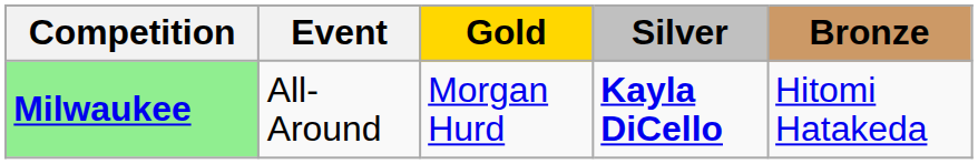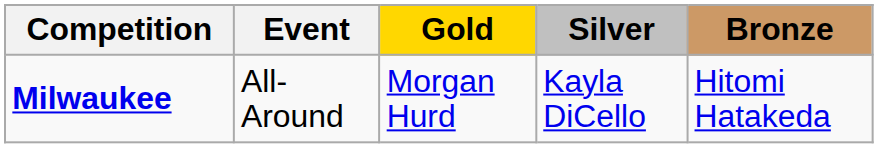 <table class="wikitable" style="width:70%;">
 <tr>
 <th style="text-align:center; width:5%;">Competition</th>
 <th style="text-align:center; width:5%;">Event</th>
 <td style="text-align:center; width:6%; background:gold;"><strong>Gold</strong></td>
 <td style="text-align:center; width:6%; background:silver;"><strong>Silver</strong></td>
 <td style="text-align:center; width:6%; background:#c96;"><strong>Bronze</strong></td>
 </tr>
 <tr>
-<td style="background: lightgreen;"><strong><a href='#'>Milwaukee</a></strong></td>
+<td><strong><a href='#'>Milwaukee</a></strong></td>
 <td>All-Around</td>
 <td> <a href='#'>Morgan Hurd</a></td>
-<td><strong> <a href='#'>Kayla DiCello</a></strong></td>
+<td> <a href='#'>Kayla DiCello</a></td>
 <td> <a href='#'>Hitomi Hatakeda</a></td>
 </tr>
 </table>
